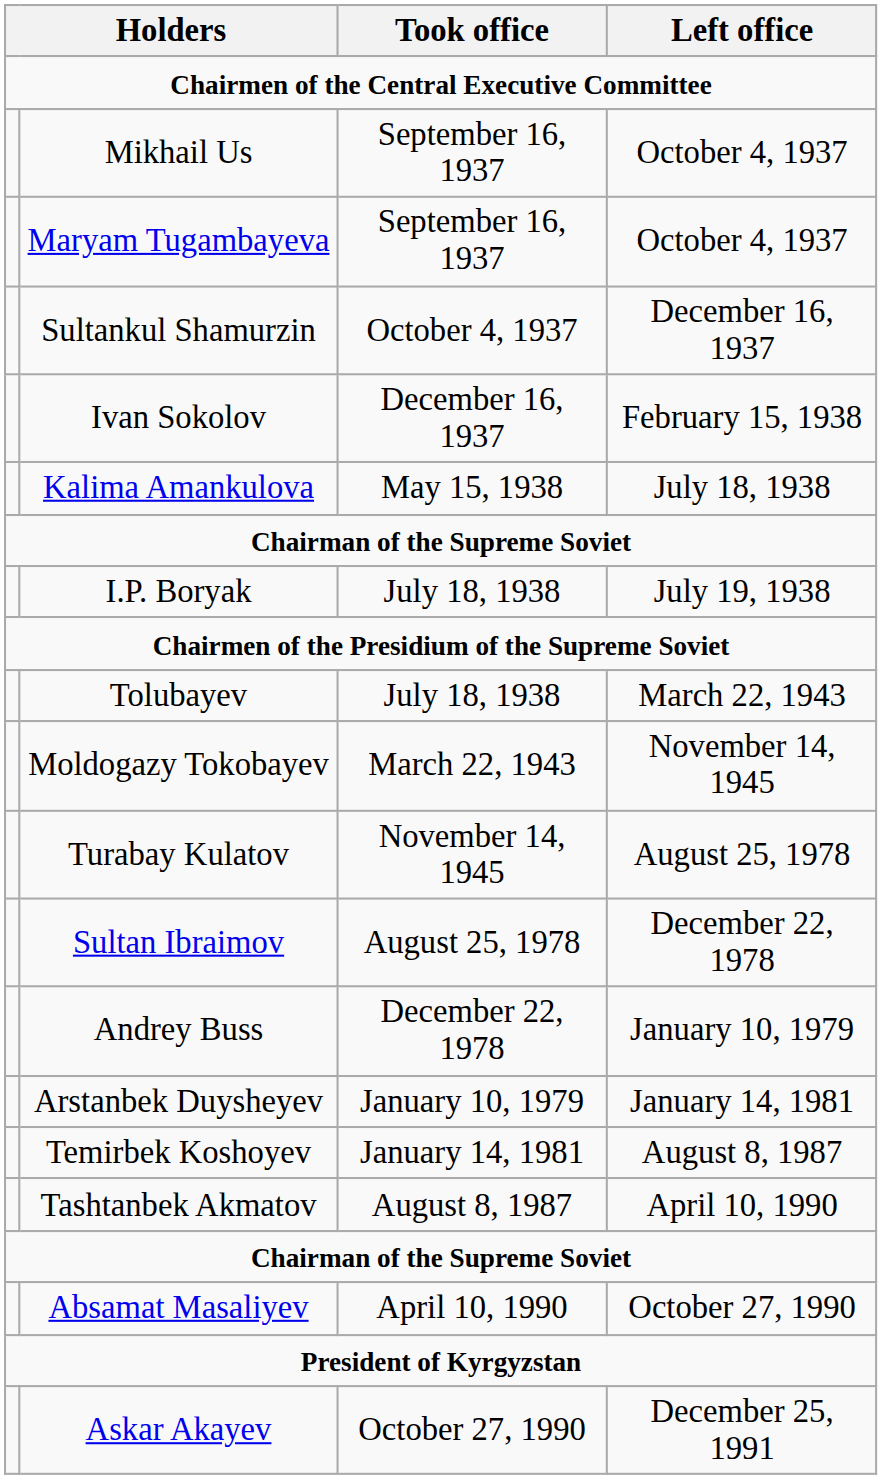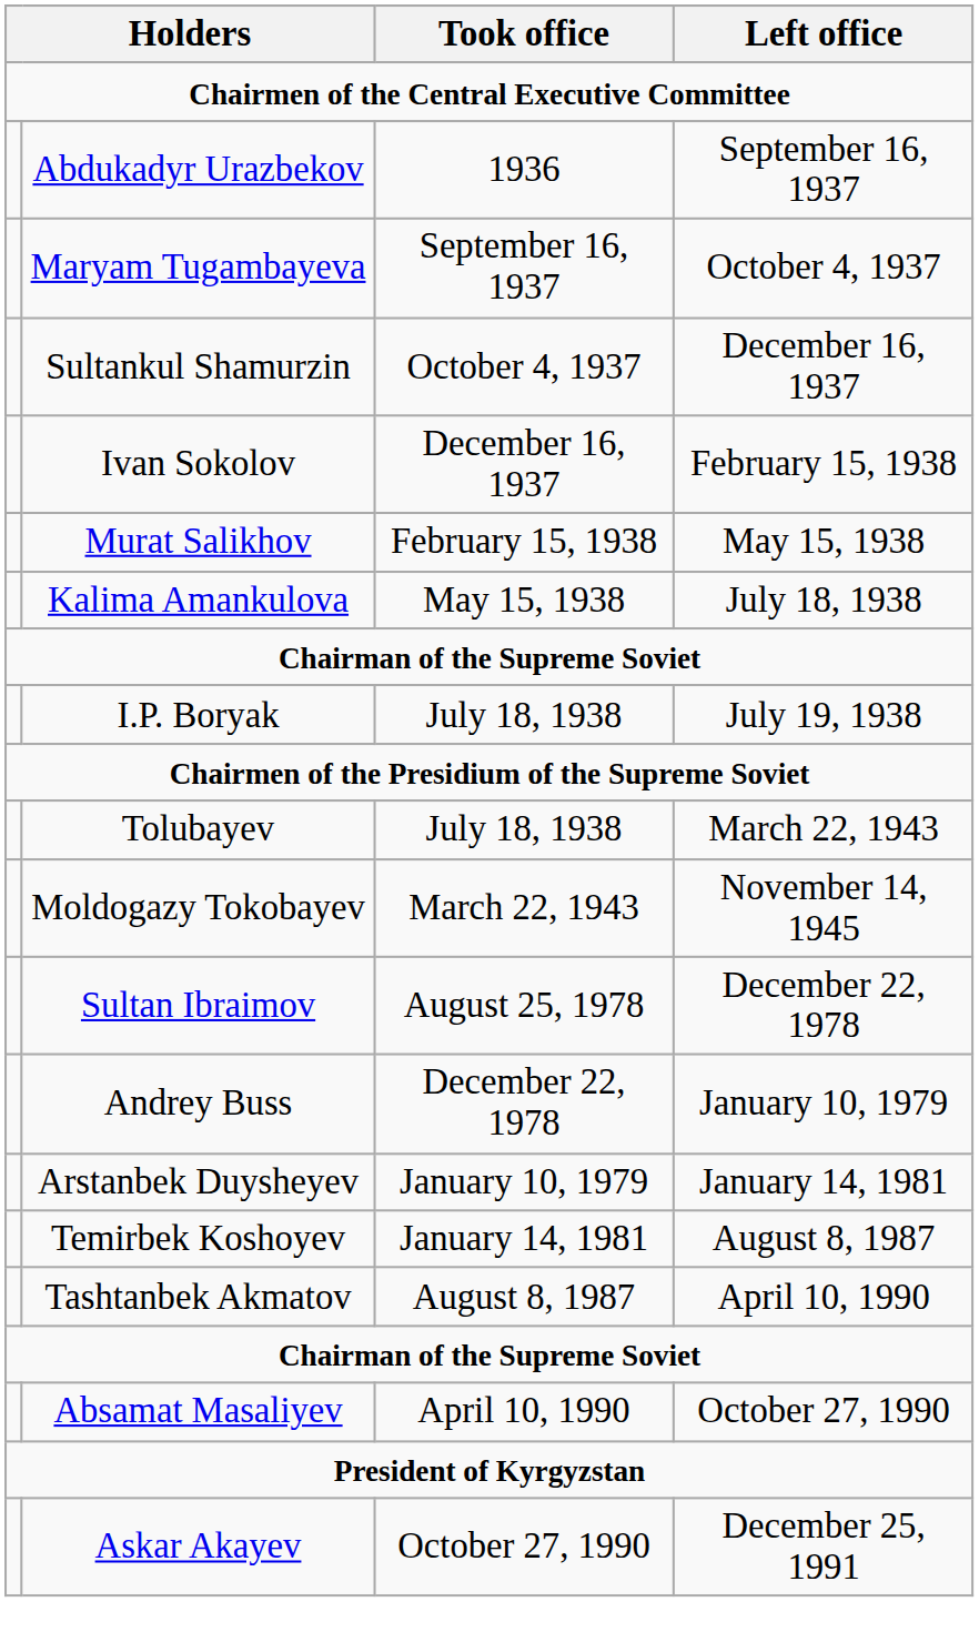 <table class="wikitable" style="text-align:center">
 <tr style="background:#cccccc">
 <th colspan="2" width="150">Holders</th>
 <th rowspan="1" width="125">Took office</th>
 <th rowspan="1" width="125">Left office</th>
 </tr>
 <tr>
 <td colspan="4" align="center"><strong><small>Chairmen of the Central Executive Committee</small></strong></td>
 </tr>
 <tr>
 <td rowspan="1" style="background-color: "></td>
-<td rowspan=1>Mikhail Us<br></td>
+<td rowspan=1><a href='#'>Abdukadyr Urazbekov</a><br></td>
+<td rowspan=1>1936<br></td>
 <td rowspan=1>September 16, 1937<br></td>
-<td rowspan=1>October 4, 1937<br></td>
 </tr>
 <tr>
 <td rowspan="1" style="background-color: "></td>
 <td rowspan=1><a href='#'>Maryam Tugambayeva</a><br></td>
 <td rowspan=1>September 16, 1937<br></td>
 <td rowspan=1>October 4, 1937<br></td>
 </tr>
 <tr>
 <td rowspan="1" style="background-color: "></td>
 <td rowspan=1>Sultankul Shamurzin<br></td>
 <td rowspan=1>October 4, 1937<br></td>
 <td rowspan=1>December 16, 1937<br></td>
 </tr>
 <tr>
 <td rowspan="1" style="background-color: "></td>
 <td rowspan=1>Ivan Sokolov<br></td>
 <td rowspan=1>December 16, 1937<br></td>
 <td rowspan=1>February 15, 1938<br></td>
+</tr>
+<tr>
+<td rowspan="1" style="background-color: "></td>
+<td rowspan=1><a href='#'>Murat Salikhov</a><br></td>
+<td rowspan=1>February 15, 1938<br></td>
+<td rowspan=1>May 15, 1938<br></td>
 </tr>
 <tr>
 <td rowspan="1" style="background-color: "></td>
 <td rowspan=1><a href='#'>Kalima Amankulova</a><br></td>
 <td rowspan=1>May 15, 1938<br></td>
 <td rowspan=1>July 18, 1938<br></td>
 </tr>
 <tr>
 <td colspan="4" align="center"><strong><small>Chairman of the Supreme Soviet</small></strong></td>
 </tr>
 <tr>
 <td rowspan="1" style="background-color: "></td>
 <td rowspan=1>I.P. Boryak<br></td>
 <td rowspan=1>July 18, 1938<br></td>
 <td rowspan=1>July 19, 1938<br></td>
 </tr>
 <tr>
 <td colspan="4" align="center"><strong><small>Chairmen of the Presidium of the Supreme Soviet</small></strong></td>
 </tr>
 <tr>
 <td rowspan="1" style="background-color: "></td>
 <td rowspan=1> Tolubayev<br></td>
 <td rowspan=1>July 18, 1938<br></td>
 <td rowspan=1>March 22, 1943<br></td>
 </tr>
 <tr>
 <td rowspan="1" style="background-color: "></td>
 <td rowspan=1>Moldogazy Tokobayev<br></td>
 <td rowspan=1>March 22, 1943<br></td>
 <td rowspan=1>November 14, 1945<br></td>
-</tr>
-<tr>
-<td rowspan="1" style="background-color: "></td>
-<td rowspan=1>Turabay Kulatov<br></td>
-<td rowspan=1>November 14, 1945<br></td>
-<td rowspan=1>August 25, 1978<br></td>
 </tr>
 <tr>
 <td rowspan="1" style="background-color: "></td>
 <td rowspan=1><a href='#'>Sultan Ibraimov</a><br></td>
 <td rowspan=1>August 25, 1978<br></td>
 <td rowspan=1>December 22, 1978<br></td>
 </tr>
 <tr>
 <td rowspan="1" style="background-color: "></td>
 <td rowspan=1>Andrey Buss<br></td>
 <td rowspan=1>December 22, 1978<br></td>
 <td rowspan=1>January 10, 1979<br></td>
 </tr>
 <tr>
 <td rowspan="1" style="background-color: "></td>
 <td rowspan=1>Arstanbek Duysheyev</td>
 <td rowspan=1>January 10, 1979<br></td>
 <td rowspan=1>January 14, 1981<br></td>
 </tr>
 <tr>
 <td rowspan="1" style="background-color: "></td>
 <td rowspan=1>Temirbek Koshoyev<br></td>
 <td rowspan=1>January 14, 1981<br></td>
 <td rowspan=1>August 8, 1987<br></td>
 </tr>
 <tr>
 <td rowspan="1" style="background-color: "></td>
 <td rowspan=1>Tashtanbek Akmatov<br></td>
 <td rowspan=1>August 8, 1987<br></td>
 <td rowspan=1>April 10, 1990<br></td>
 </tr>
 <tr>
 <td colspan="4" align="center"><strong><small>Chairman of the Supreme Soviet</small></strong></td>
 </tr>
 <tr>
 <td rowspan="1" style="background-color: "></td>
 <td rowspan=1><a href='#'>Absamat Masaliyev</a><br></td>
 <td rowspan=1>April 10, 1990<br></td>
 <td rowspan=1>October 27, 1990<br></td>
 </tr>
 <tr>
 <td colspan="4" align="center"><strong><small>President of Kyrgyzstan</small></strong></td>
 </tr>
 <tr>
 <td rowspan="1" style="background-color: "></td>
 <td rowspan=1><a href='#'>Askar Akayev</a><br></td>
 <td rowspan=1>October 27, 1990</td>
 <td rowspan=1>December 25, 1991</td>
 </tr>
 </table>
